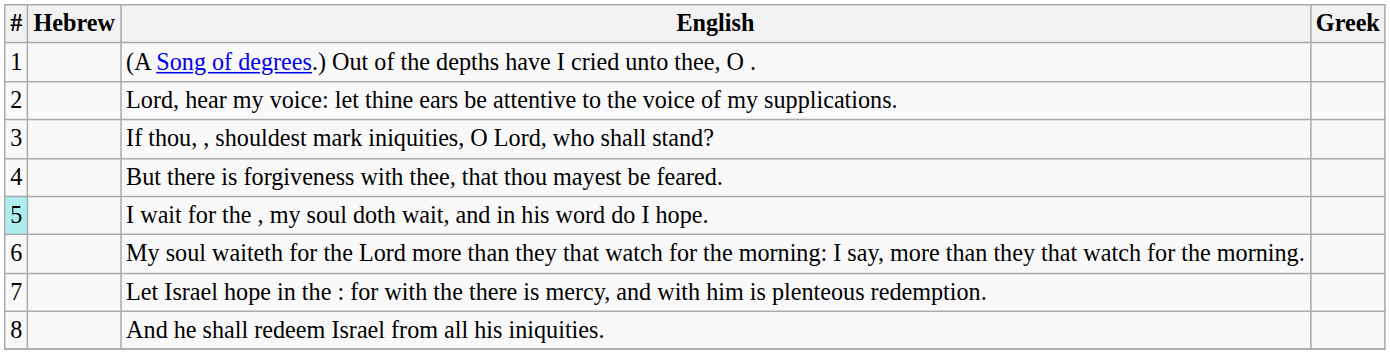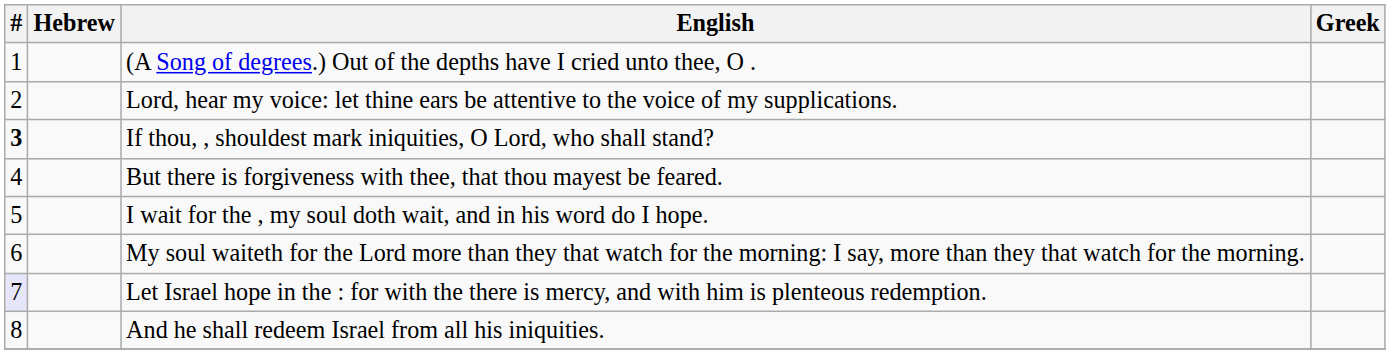 <table class=wikitable>
 <tr>
 <th>#</th>
 <th>Hebrew</th>
 <th>English</th>
 <th>Greek</th>
 </tr>
 <tr>
 <td style="text-align:right">1</td>
 <td style="text-align:right"></td>
 <td>(A <a href='#'>Song of degrees</a>.) Out of the depths have I cried unto thee, O .</td>
 <td></td>
 </tr>
 <tr>
 <td style="text-align:right">2</td>
 <td style="text-align:right"></td>
 <td>Lord, hear my voice: let thine ears be attentive to the voice of my supplications.</td>
 <td></td>
 </tr>
 <tr>
-<td style="text-align:right">3</td>
+<td style="text-align:right"><strong>3</strong></td>
 <td style="text-align:right"></td>
 <td>If thou, , shouldest mark iniquities, O Lord, who shall stand?</td>
 <td></td>
 </tr>
 <tr>
 <td style="text-align:right">4</td>
 <td style="text-align:right"></td>
 <td>But there is forgiveness with thee, that thou mayest be feared.</td>
 <td></td>
 </tr>
 <tr>
-<td style="background: paleturquoise; text-align:right">5</td>
+<td style="text-align:right">5</td>
 <td style="text-align:right"></td>
 <td>I wait for the , my soul doth wait, and in his word do I hope.</td>
 <td></td>
 </tr>
 <tr>
 <td style="text-align:right">6</td>
 <td style="text-align:right"></td>
 <td>My soul waiteth for the Lord more than they that watch for the morning: I say, more than they that watch for the morning.</td>
 <td></td>
 </tr>
 <tr>
-<td style="text-align:right">7</td>
+<td style="background: lavender; text-align:right">7</td>
 <td style="text-align:right"></td>
 <td>Let Israel hope in the : for with the  there is mercy, and with him is plenteous redemption.</td>
 <td></td>
 </tr>
 <tr>
 <td style="text-align:right">8</td>
 <td style="text-align:right"></td>
 <td>And he shall redeem Israel from all his iniquities.</td>
 <td></td>
 </tr>
 <tr>
 </tr>
 </table>
